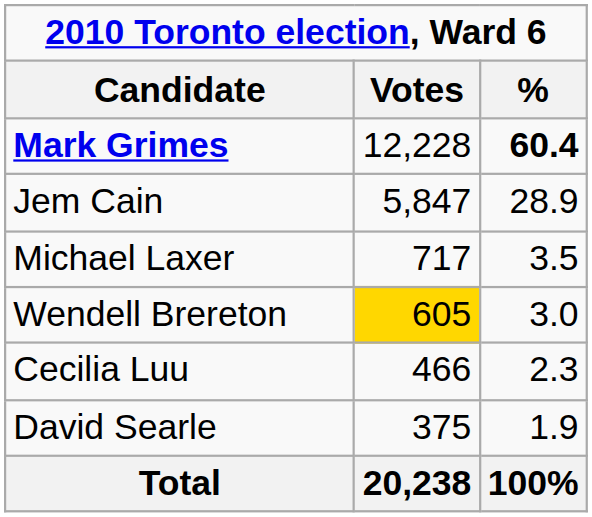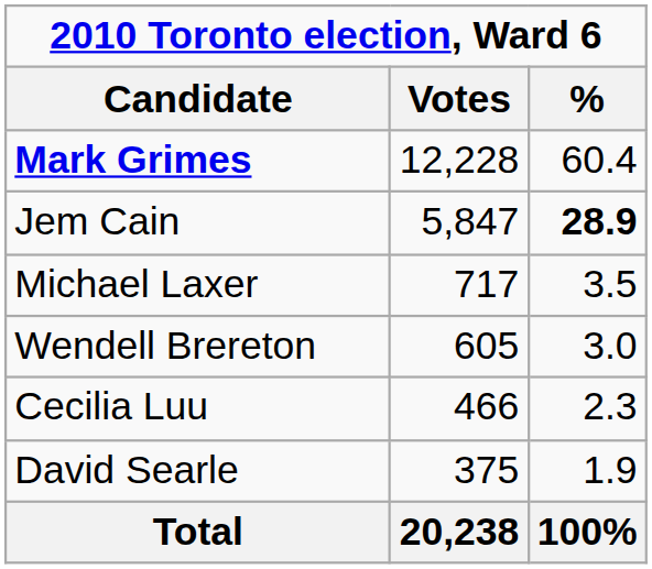 <table class="wikitable">
 <tr>
 <td Colspan="3" align="center"><strong><a href='#'>2010 Toronto election</a>, Ward 6</strong></td>
 </tr>
 <tr>
 <th bgcolor="#DDDDFF" width="150px">Candidate</th>
 <th bgcolor="#DDDDFF">Votes</th>
 <th bgcolor="#DDDDFF">%</th>
 </tr>
 <tr>
 <td><strong><a href='#'>Mark Grimes</a></strong></td>
 <td align=right>12,228</td>
-<td align=right><strong>60.4</strong></td>
+<td align=right>60.4</td>
 </tr>
 <tr>
 <td>Jem Cain</td>
 <td align=right>5,847</td>
-<td align=right>28.9</td>
+<td align=right><strong>28.9</strong></td>
 </tr>
 <tr>
 <td>Michael Laxer</td>
 <td align=right>717</td>
 <td align=right>3.5</td>
 </tr>
 <tr>
 <td>Wendell Brereton</td>
-<td align=right style="background: gold;">605</td>
+<td align=right>605</td>
 <td align=right>3.0</td>
 </tr>
 <tr>
 <td>Cecilia Luu</td>
 <td align=right>466</td>
 <td align=right>2.3</td>
 </tr>
 <tr>
 <td>David Searle</td>
 <td align=right>375</td>
 <td align=right>1.9</td>
 </tr>
 <tr>
 <th>Total</th>
 <th align=right>20,238</th>
 <th align=right>100%</th>
 </tr>
 </table>
